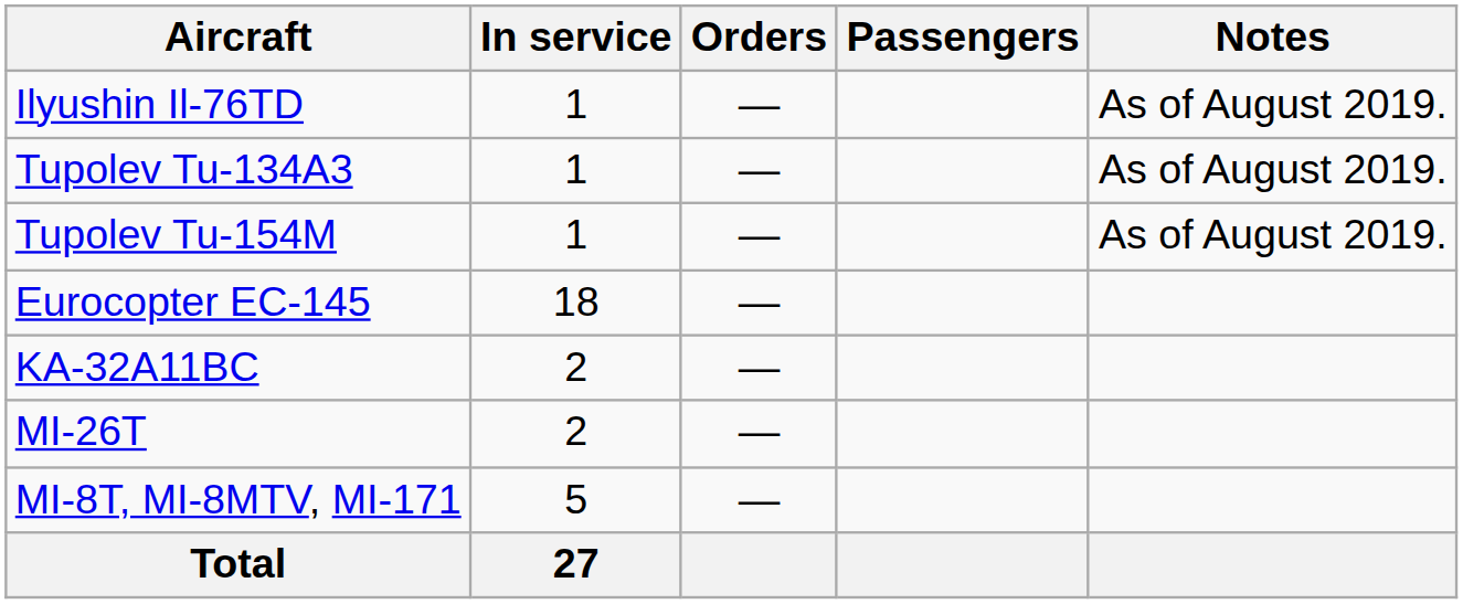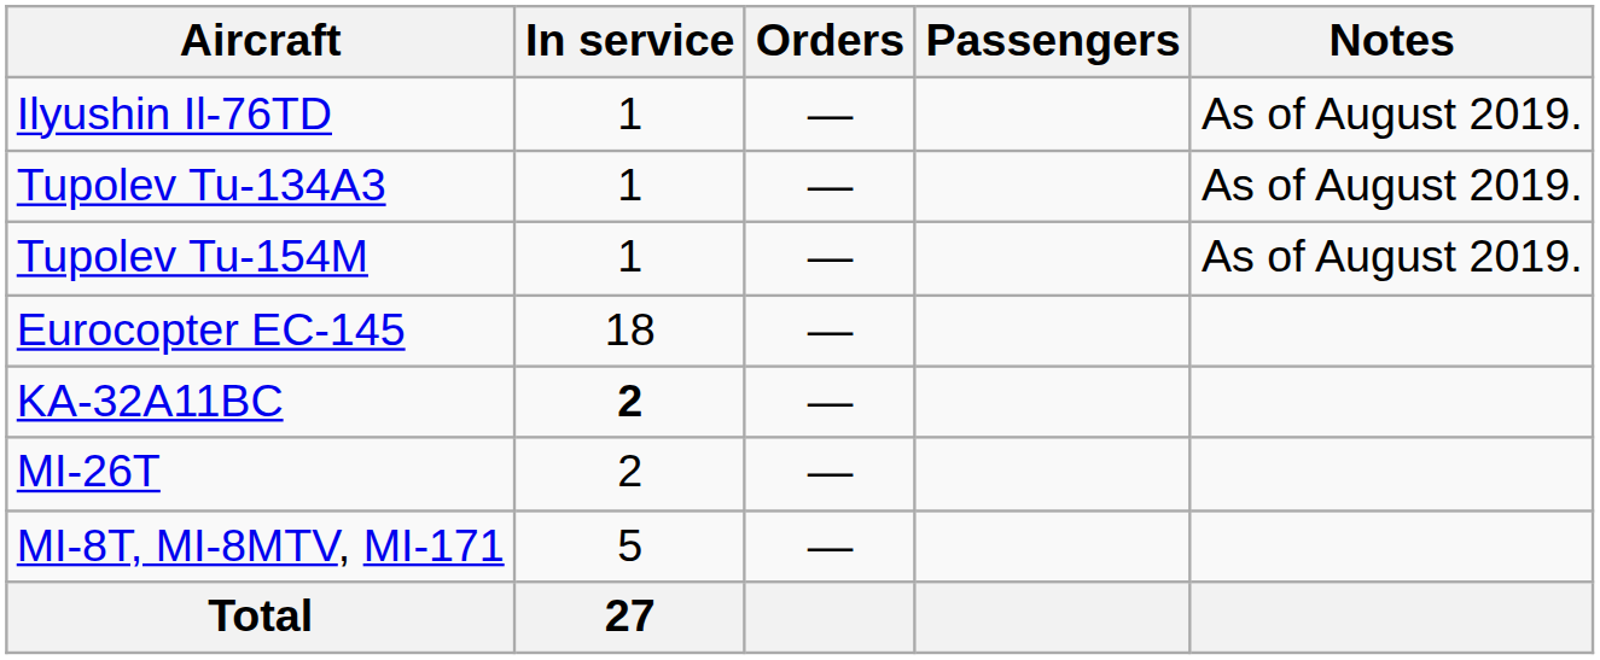 <table class="wikitable" style="margin:1em auto">
 <tr>
 <th>Aircraft</th>
 <th>In service</th>
 <th>Orders</th>
 <th>Passengers</th>
 <th>Notes</th>
 </tr>
 <tr>
 <td><a href='#'>Ilyushin Il-76TD</a></td>
 <td align="center">1</td>
 <td align="center">—</td>
 <td align="center"></td>
 <td>As of August 2019.</td>
 </tr>
 <tr>
 <td><a href='#'>Tupolev Tu-134A3</a></td>
 <td align="center">1</td>
 <td align="center">—</td>
 <td align="center"></td>
 <td>As of August 2019.</td>
 </tr>
 <tr>
 <td><a href='#'>Tupolev Tu-154M</a></td>
 <td align="center">1</td>
 <td align="center">—</td>
 <td align="center"></td>
 <td>As of August 2019.</td>
 </tr>
 <tr>
 <td><a href='#'>Eurocopter EC-145</a></td>
 <td align="center">18</td>
 <td align="center">—</td>
 <td align="center"></td>
 <td align="center"></td>
 </tr>
 <tr>
 <td><a href='#'>KA-32A11BC</a></td>
-<td align="center">2</td>
+<td align="center"><strong>2</strong></td>
 <td align="center">—</td>
 <td align="center"></td>
 <td align="center"></td>
 </tr>
 <tr>
 <td><a href='#'>MI-26T</a></td>
 <td align="center">2</td>
 <td align="center">—</td>
 <td align="center"></td>
 <td align="center"></td>
 </tr>
 <tr>
 <td><a href='#'>MI-8T, MI-8MTV</a>, <a href='#'>MI-171</a></td>
 <td align="center">5</td>
 <td align="center">—</td>
 <td align="center"></td>
 <td align="center"></td>
 </tr>
 <tr>
 <th>Total</th>
 <th>27</th>
 <th></th>
 <th></th>
 <th colspan="2"></th>
 </tr>
 </table>
